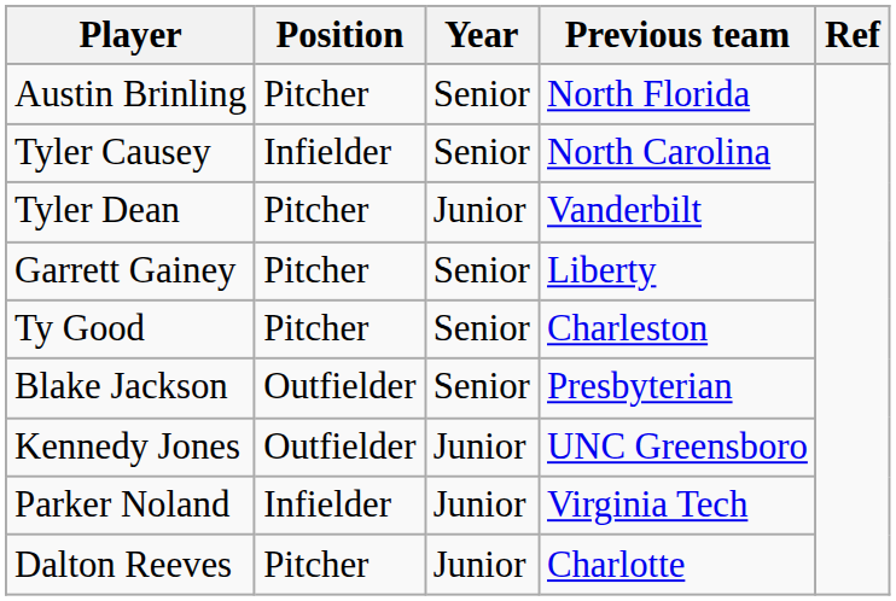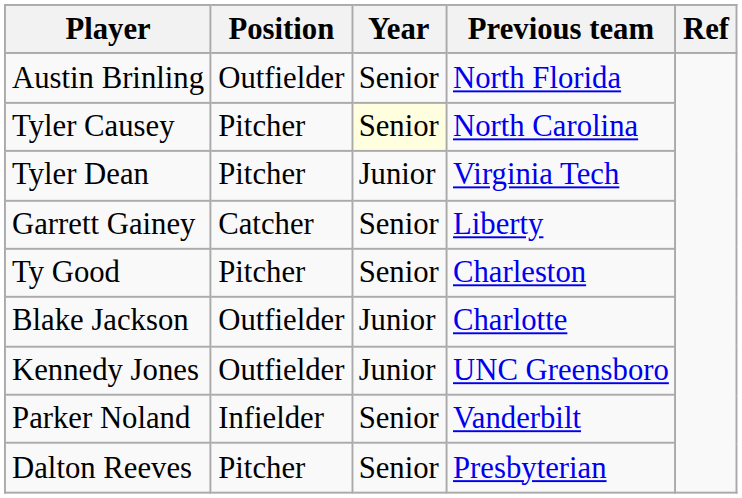 <table class="wikitable sortable">
 <tr>
 <th style="text-align:center; ">Player</th>
 <th style="text-align:center; ">Position</th>
 <th style="text-align:center; ">Year</th>
 <th style="text-align:center; ">Previous team</th>
 <th style="text-align:center; ">Ref</th>
 </tr>
 <tr>
 <td>Austin Brinling</td>
-<td>Pitcher</td>
+<td>Outfielder</td>
 <td>Senior</td>
 <td><a href='#'>North Florida</a></td>
 <td rowspan="9"></td>
 </tr>
 <tr>
 <td>Tyler Causey</td>
-<td>Infielder</td>
-<td>Senior</td>
+<td>Pitcher</td>
+<td style="background: lightyellow;">Senior</td>
 <td><a href='#'>North Carolina</a></td>
 </tr>
 <tr>
 <td>Tyler Dean</td>
 <td>Pitcher</td>
 <td>Junior</td>
-<td><a href='#'>Vanderbilt</a></td>
+<td><a href='#'>Virginia Tech</a></td>
 </tr>
 <tr>
 <td>Garrett Gainey</td>
-<td>Pitcher</td>
+<td>Catcher</td>
 <td>Senior</td>
 <td><a href='#'>Liberty</a></td>
 </tr>
 <tr>
 <td>Ty Good</td>
 <td>Pitcher</td>
 <td>Senior</td>
 <td><a href='#'>Charleston</a></td>
 </tr>
 <tr>
 <td>Blake Jackson</td>
 <td>Outfielder</td>
-<td>Senior</td>
-<td><a href='#'>Presbyterian</a></td>
+<td>Junior</td>
+<td><a href='#'>Charlotte</a></td>
 </tr>
 <tr>
 <td>Kennedy Jones</td>
 <td>Outfielder</td>
 <td>Junior</td>
 <td><a href='#'>UNC Greensboro</a></td>
 </tr>
 <tr>
 <td>Parker Noland</td>
 <td>Infielder</td>
-<td>Junior</td>
-<td><a href='#'>Virginia Tech</a></td>
+<td>Senior</td>
+<td><a href='#'>Vanderbilt</a></td>
 </tr>
 <tr>
 <td>Dalton Reeves</td>
 <td>Pitcher</td>
-<td>Junior</td>
-<td><a href='#'>Charlotte</a></td>
+<td>Senior</td>
+<td><a href='#'>Presbyterian</a></td>
 </tr>
 </table>
